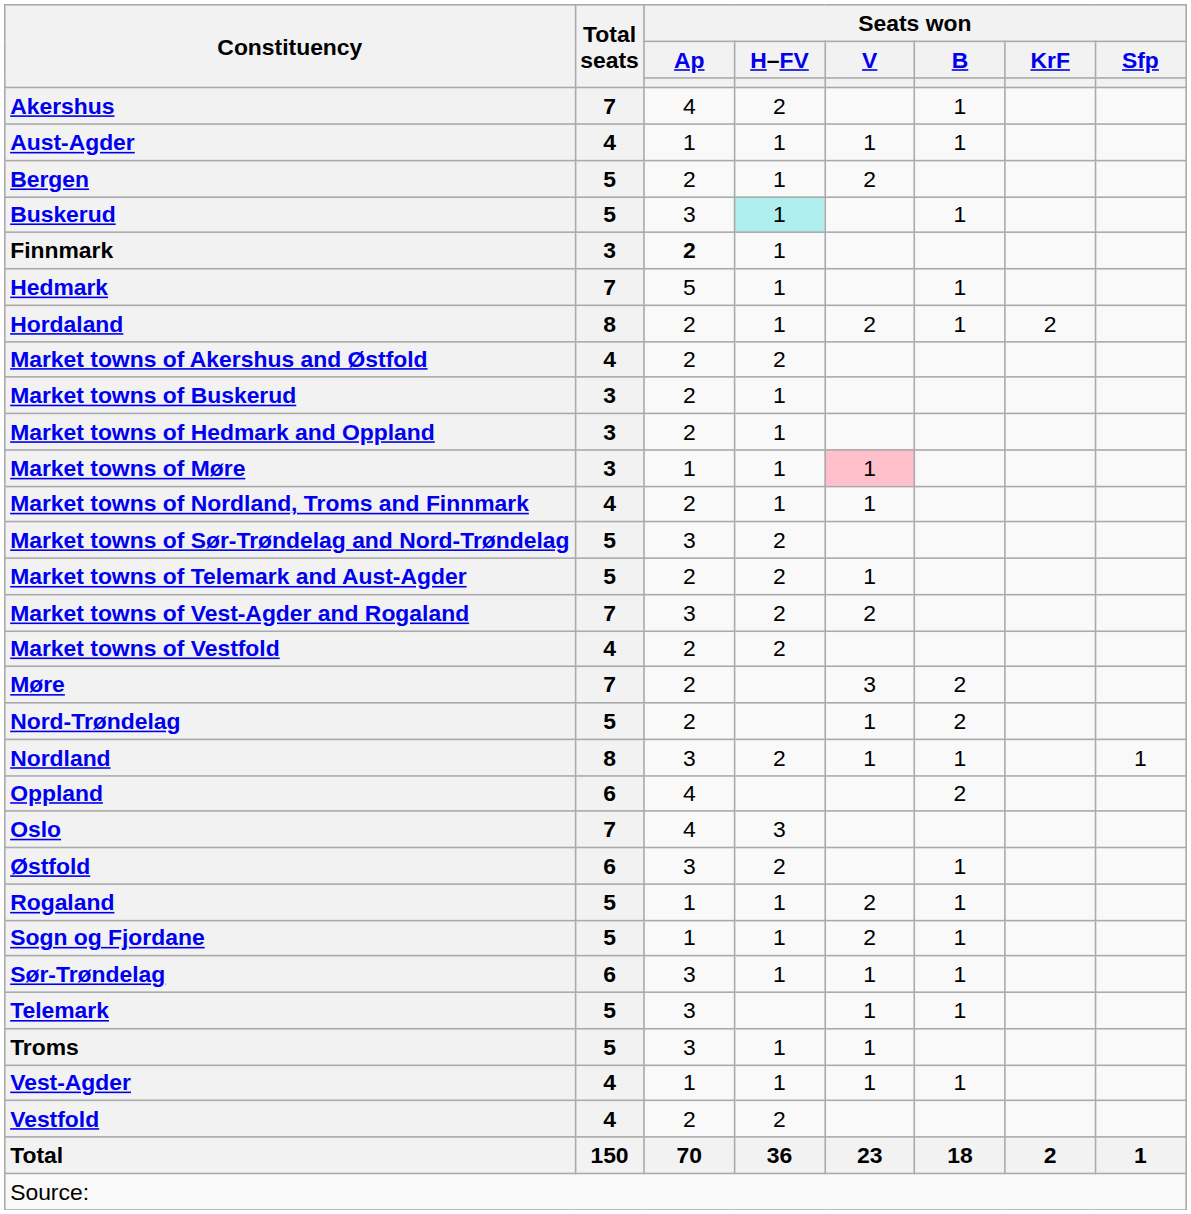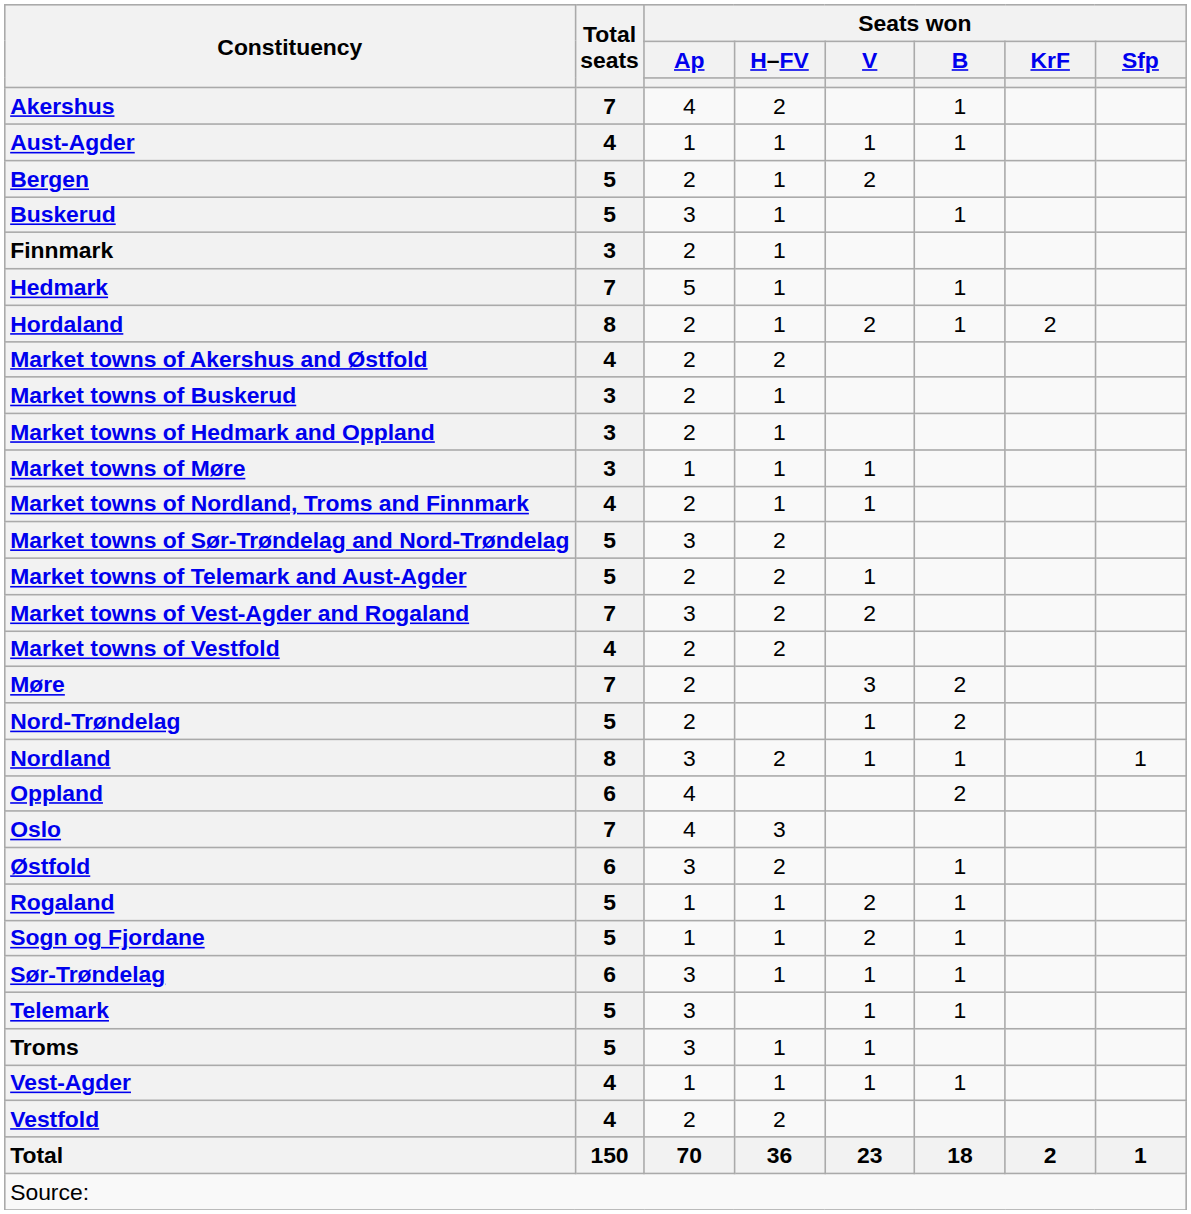 <table class="wikitable" style="text-align:center; font-size: 0.9em;">
 <tr>
 <th rowspan="3">Constituency</th>
 <th rowspan="3">Total<br>seats</th>
 <th colspan="6">Seats won</th>
 </tr>
 <tr>
 <th class="unsortable" style="width:50px;"><a href='#'>Ap</a></th>
 <th class="unsortable" style="width:50px;"><a href='#'>H</a>–<a href='#'>FV</a></th>
 <th class="unsortable" style="width:50px;"><a href='#'>V</a></th>
 <th class="unsortable" style="width:50px;"><a href='#'>B</a></th>
 <th class="unsortable" style="width:50px;"><a href='#'>KrF</a></th>
 <th class="unsortable" style="width:50px;"><a href='#'>Sfp</a></th>
 </tr>
 <tr>
 <th style="background:"></th>
 <th style="background:"></th>
 <th style="background:"></th>
 <th style="background:"></th>
 <th style="background:"></th>
 <th style="background:"></th>
 </tr>
 <tr>
 <th style="text-align: left;"><a href='#'>Akershus</a></th>
 <th>7</th>
 <td>4</td>
 <td>2</td>
 <td></td>
 <td>1</td>
 <td></td>
 <td></td>
 </tr>
 <tr>
 <th style="text-align: left;"><a href='#'>Aust-Agder</a></th>
 <th>4</th>
 <td>1</td>
 <td>1</td>
 <td>1</td>
 <td>1</td>
 <td></td>
 <td></td>
 </tr>
 <tr>
 <th style="text-align: left;"><a href='#'>Bergen</a></th>
 <th>5</th>
 <td>2</td>
 <td>1</td>
 <td>2</td>
 <td></td>
 <td></td>
 <td></td>
 </tr>
 <tr>
 <th style="text-align: left;"><a href='#'>Buskerud</a></th>
 <th>5</th>
 <td>3</td>
-<td style="background: paleturquoise;">1</td>
+<td>1</td>
 <td></td>
 <td>1</td>
 <td></td>
 <td></td>
 </tr>
 <tr>
 <th style="text-align: left;">Finnmark</th>
 <th>3</th>
-<td><strong>2</strong></td>
+<td>2</td>
 <td>1</td>
 <td></td>
 <td></td>
 <td></td>
 <td></td>
 </tr>
 <tr>
 <th style="text-align: left;"><a href='#'>Hedmark</a></th>
 <th>7</th>
 <td>5</td>
 <td>1</td>
 <td></td>
 <td>1</td>
 <td></td>
 <td></td>
 </tr>
 <tr>
 <th style="text-align: left;"><a href='#'>Hordaland</a></th>
 <th>8</th>
 <td>2</td>
 <td>1</td>
 <td>2</td>
 <td>1</td>
 <td>2</td>
 <td></td>
 </tr>
 <tr>
 <th style="text-align: left;"><a href='#'>Market towns of Akershus and Østfold</a></th>
 <th>4</th>
 <td>2</td>
 <td>2</td>
 <td></td>
 <td></td>
 <td></td>
 <td></td>
 </tr>
 <tr>
 <th style="text-align: left;"><a href='#'>Market towns of Buskerud</a></th>
 <th>3</th>
 <td>2</td>
 <td>1</td>
 <td></td>
 <td></td>
 <td></td>
 <td></td>
 </tr>
 <tr>
 <th style="text-align: left;"><a href='#'>Market towns of Hedmark and Oppland</a></th>
 <th>3</th>
 <td>2</td>
 <td>1</td>
 <td></td>
 <td></td>
 <td></td>
 <td></td>
 </tr>
 <tr>
 <th style="text-align: left;"><a href='#'>Market towns of Møre</a></th>
 <th>3</th>
 <td>1</td>
 <td>1</td>
-<td style="background: pink;">1</td>
+<td>1</td>
 <td></td>
 <td></td>
 <td></td>
 </tr>
 <tr>
 <th style="text-align: left;"><a href='#'>Market towns of Nordland, Troms and Finnmark</a></th>
 <th>4</th>
 <td>2</td>
 <td>1</td>
 <td>1</td>
 <td></td>
 <td></td>
 <td></td>
 </tr>
 <tr>
 <th style="text-align: left;"><a href='#'>Market towns of Sør-Trøndelag and Nord-Trøndelag</a></th>
 <th>5</th>
 <td>3</td>
 <td>2</td>
 <td></td>
 <td></td>
 <td></td>
 <td></td>
 </tr>
 <tr>
 <th style="text-align: left;"><a href='#'>Market towns of Telemark and Aust-Agder</a></th>
 <th>5</th>
 <td>2</td>
 <td>2</td>
 <td>1</td>
 <td></td>
 <td></td>
 <td></td>
 </tr>
 <tr>
 <th style="text-align: left;"><a href='#'>Market towns of Vest-Agder and Rogaland</a></th>
 <th>7</th>
 <td>3</td>
 <td>2</td>
 <td>2</td>
 <td></td>
 <td></td>
 <td></td>
 </tr>
 <tr>
 <th style="text-align: left;"><a href='#'>Market towns of Vestfold</a></th>
 <th>4</th>
 <td>2</td>
 <td>2</td>
 <td></td>
 <td></td>
 <td></td>
 <td></td>
 </tr>
 <tr>
 <th style="text-align: left;"><a href='#'>Møre</a></th>
 <th>7</th>
 <td>2</td>
 <td></td>
 <td>3</td>
 <td>2</td>
 <td></td>
 <td></td>
 </tr>
 <tr>
 <th style="text-align: left;"><a href='#'>Nord-Trøndelag</a></th>
 <th>5</th>
 <td>2</td>
 <td></td>
 <td>1</td>
 <td>2</td>
 <td></td>
 <td></td>
 </tr>
 <tr>
 <th style="text-align: left;"><a href='#'>Nordland</a></th>
 <th>8</th>
 <td>3</td>
 <td>2</td>
 <td>1</td>
 <td>1</td>
 <td></td>
 <td>1</td>
 </tr>
 <tr>
 <th style="text-align: left;"><a href='#'>Oppland</a></th>
 <th>6</th>
 <td>4</td>
 <td></td>
 <td></td>
 <td>2</td>
 <td></td>
 <td></td>
 </tr>
 <tr>
 <th style="text-align: left;"><a href='#'>Oslo</a></th>
 <th>7</th>
 <td>4</td>
 <td>3</td>
 <td></td>
 <td></td>
 <td></td>
 <td></td>
 </tr>
 <tr>
 <th style="text-align: left;"><a href='#'>Østfold</a></th>
 <th>6</th>
 <td>3</td>
 <td>2</td>
 <td></td>
 <td>1</td>
 <td></td>
 <td></td>
 </tr>
 <tr>
 <th style="text-align: left;"><a href='#'>Rogaland</a></th>
 <th>5</th>
 <td>1</td>
 <td>1</td>
 <td>2</td>
 <td>1</td>
 <td></td>
 <td></td>
 </tr>
 <tr>
 <th style="text-align: left;"><a href='#'>Sogn og Fjordane</a></th>
 <th>5</th>
 <td>1</td>
 <td>1</td>
 <td>2</td>
 <td>1</td>
 <td></td>
 <td></td>
 </tr>
 <tr>
 <th style="text-align: left;"><a href='#'>Sør-Trøndelag</a></th>
 <th>6</th>
 <td>3</td>
 <td>1</td>
 <td>1</td>
 <td>1</td>
 <td></td>
 <td></td>
 </tr>
 <tr>
 <th style="text-align: left;"><a href='#'>Telemark</a></th>
 <th>5</th>
 <td>3</td>
 <td></td>
 <td>1</td>
 <td>1</td>
 <td></td>
 <td></td>
 </tr>
 <tr>
 <th style="text-align: left;">Troms</th>
 <th>5</th>
 <td>3</td>
 <td>1</td>
 <td>1</td>
 <td></td>
 <td></td>
 <td></td>
 </tr>
 <tr>
 <th style="text-align: left;"><a href='#'>Vest-Agder</a></th>
 <th>4</th>
 <td>1</td>
 <td>1</td>
 <td>1</td>
 <td>1</td>
 <td></td>
 <td></td>
 </tr>
 <tr>
 <th style="text-align: left;"><a href='#'>Vestfold</a></th>
 <th>4</th>
 <td>2</td>
 <td>2</td>
 <td></td>
 <td></td>
 <td></td>
 <td></td>
 </tr>
 <tr>
 <th style="text-align: left;">Total</th>
 <th>150</th>
 <th>70</th>
 <th>36</th>
 <th>23</th>
 <th>18</th>
 <th>2</th>
 <th>1</th>
 </tr>
 <tr>
 <td align=left colspan="8">Source: </td>
 </tr>
 </table>
